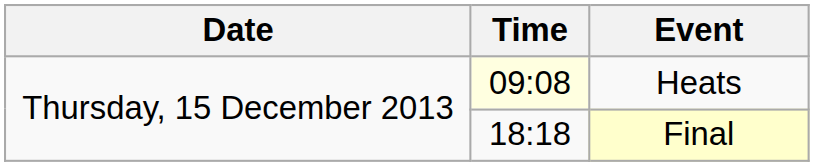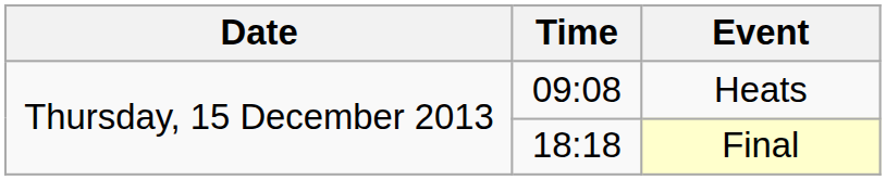 <table class = "wikitable" style="text-align:center;">
 <tr>
 <th width=220>Date</th>
 <th width=50>Time</th>
 <th width=100>Event</th>
 </tr>
 <tr>
 <td rowspan=2>Thursday, 15 December 2013</td>
-<td style="background: lightyellow;">09:08</td>
+<td>09:08</td>
 <td>Heats</td>
 </tr>
 <tr>
 <td>18:18</td>
 <td bgcolor=ffffcc>Final</td>
 </tr>
 </table>
